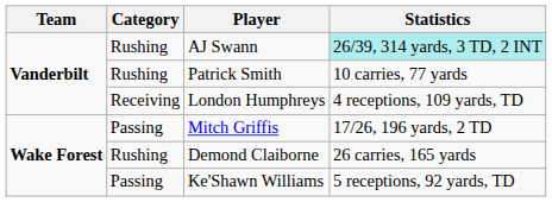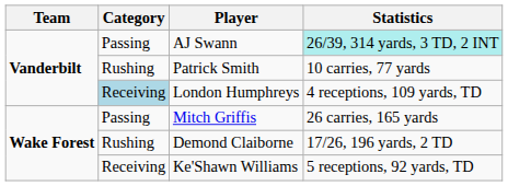 <table class="wikitable" style="float: right;">
 <tr>
 <th>Team</th>
 <th>Category</th>
 <th>Player</th>
 <th>Statistics</th>
 </tr>
 <tr>
 <td rowspan=3><strong>Vanderbilt</strong></td>
-<td>Rushing</td>
+<td>Passing</td>
 <td>AJ Swann</td>
 <td style="background: paleturquoise;">26/39, 314 yards, 3 TD, 2 INT</td>
 </tr>
 <tr>
 <td>Rushing</td>
 <td>Patrick Smith</td>
 <td>10 carries, 77 yards</td>
 </tr>
 <tr>
-<td>Receiving</td>
+<td style="background: lightblue;">Receiving</td>
 <td>London Humphreys</td>
 <td>4 receptions, 109 yards, TD</td>
 </tr>
 <tr>
 <td rowspan=3><strong>Wake Forest</strong></td>
 <td>Passing</td>
 <td><a href='#'>Mitch Griffis</a></td>
-<td>17/26, 196 yards, 2 TD</td>
+<td>26 carries, 165 yards</td>
 </tr>
 <tr>
 <td>Rushing</td>
 <td>Demond Claiborne</td>
-<td>26 carries, 165 yards</td>
+<td>17/26, 196 yards, 2 TD</td>
 </tr>
 <tr>
-<td>Passing</td>
+<td>Receiving</td>
 <td>Ke'Shawn Williams</td>
 <td>5 receptions, 92 yards, TD</td>
 </tr>
 </table>
